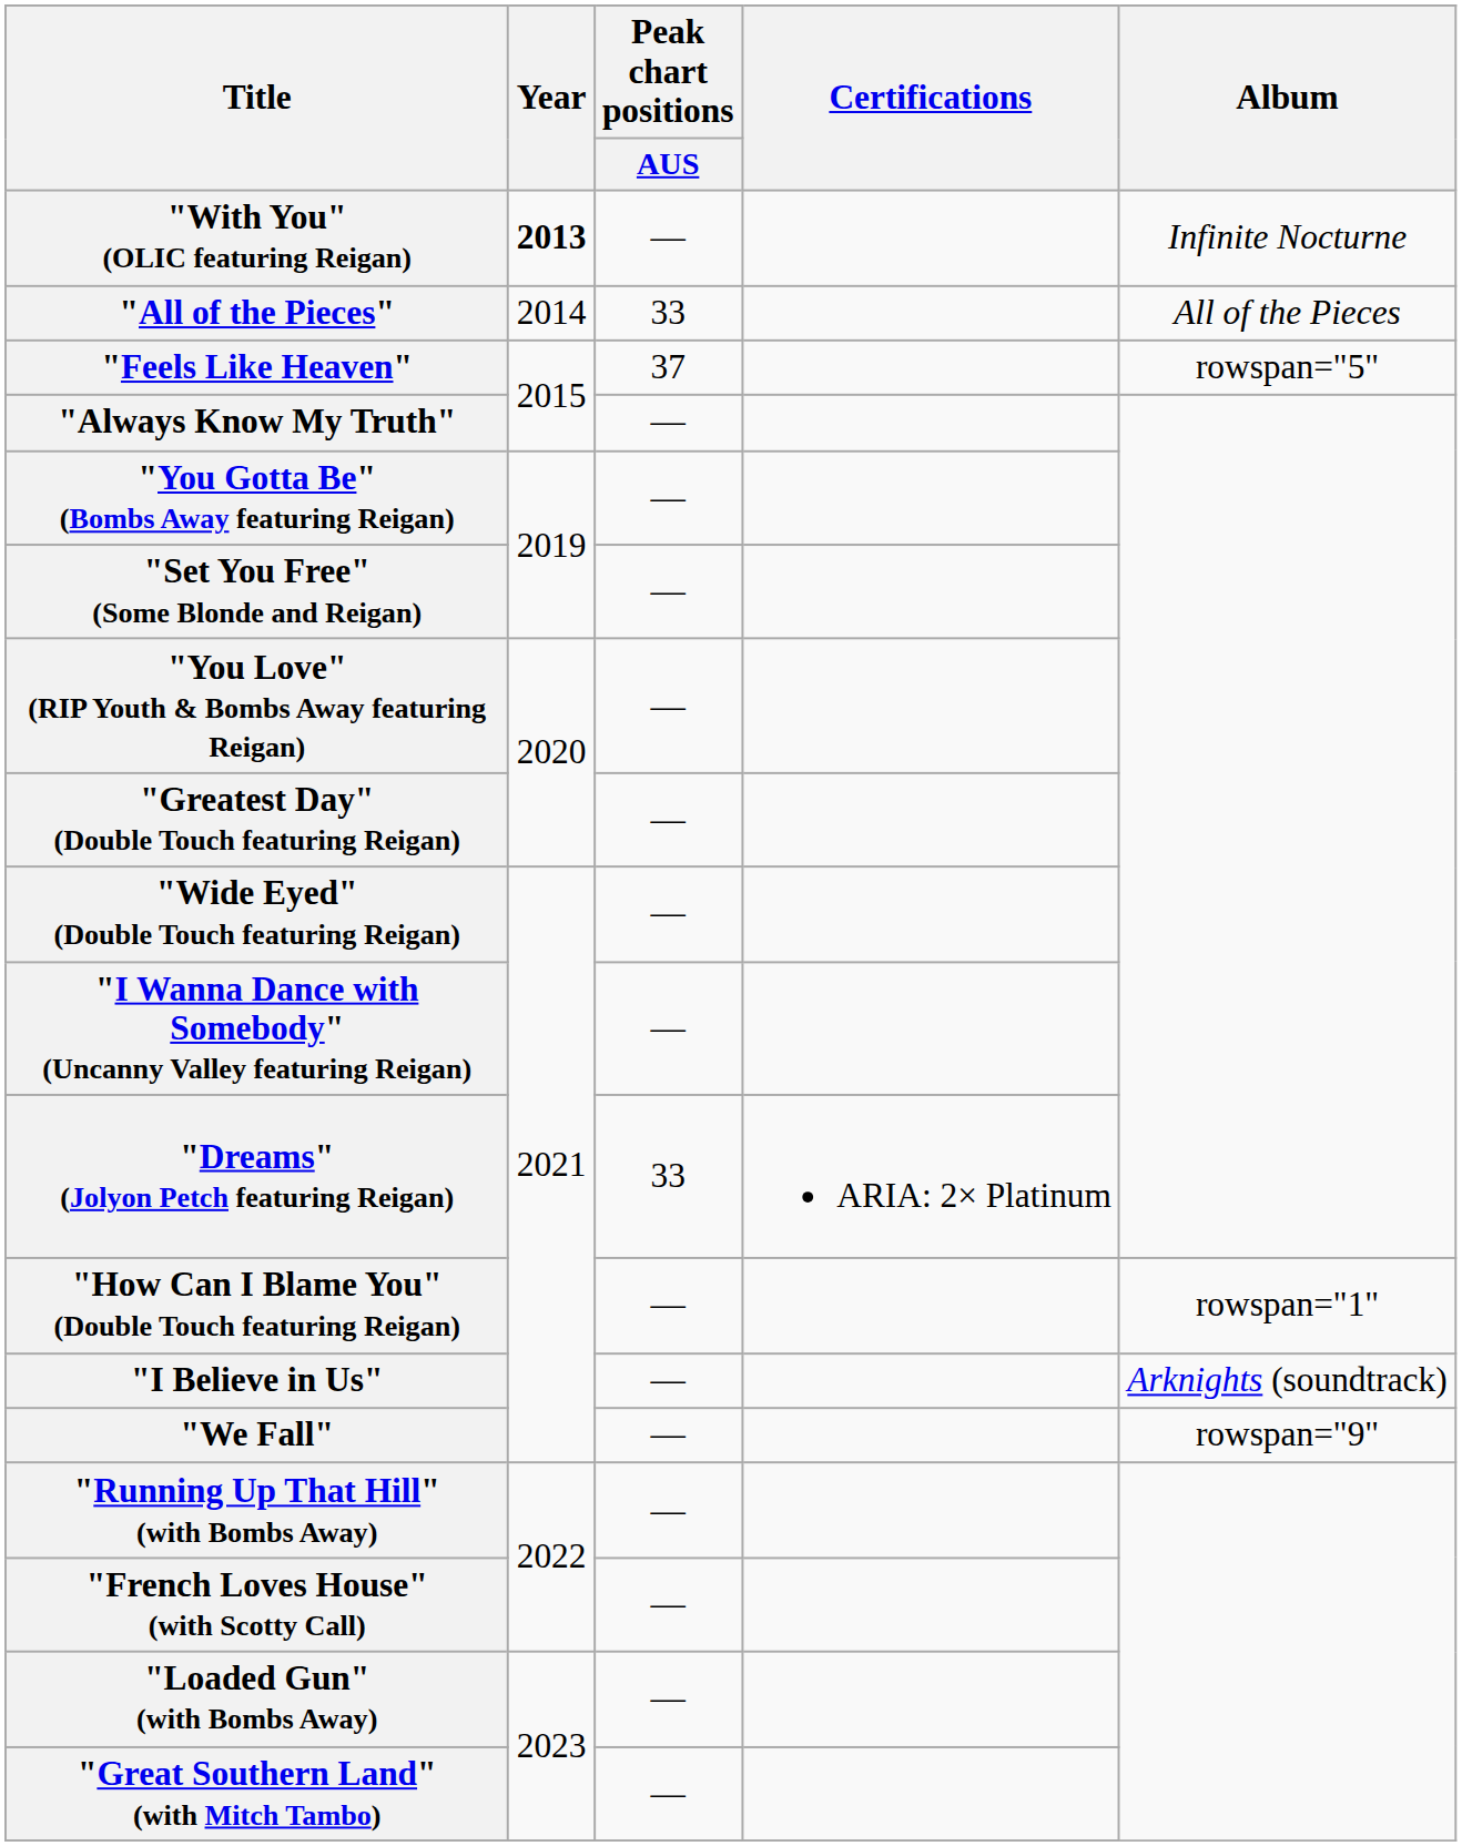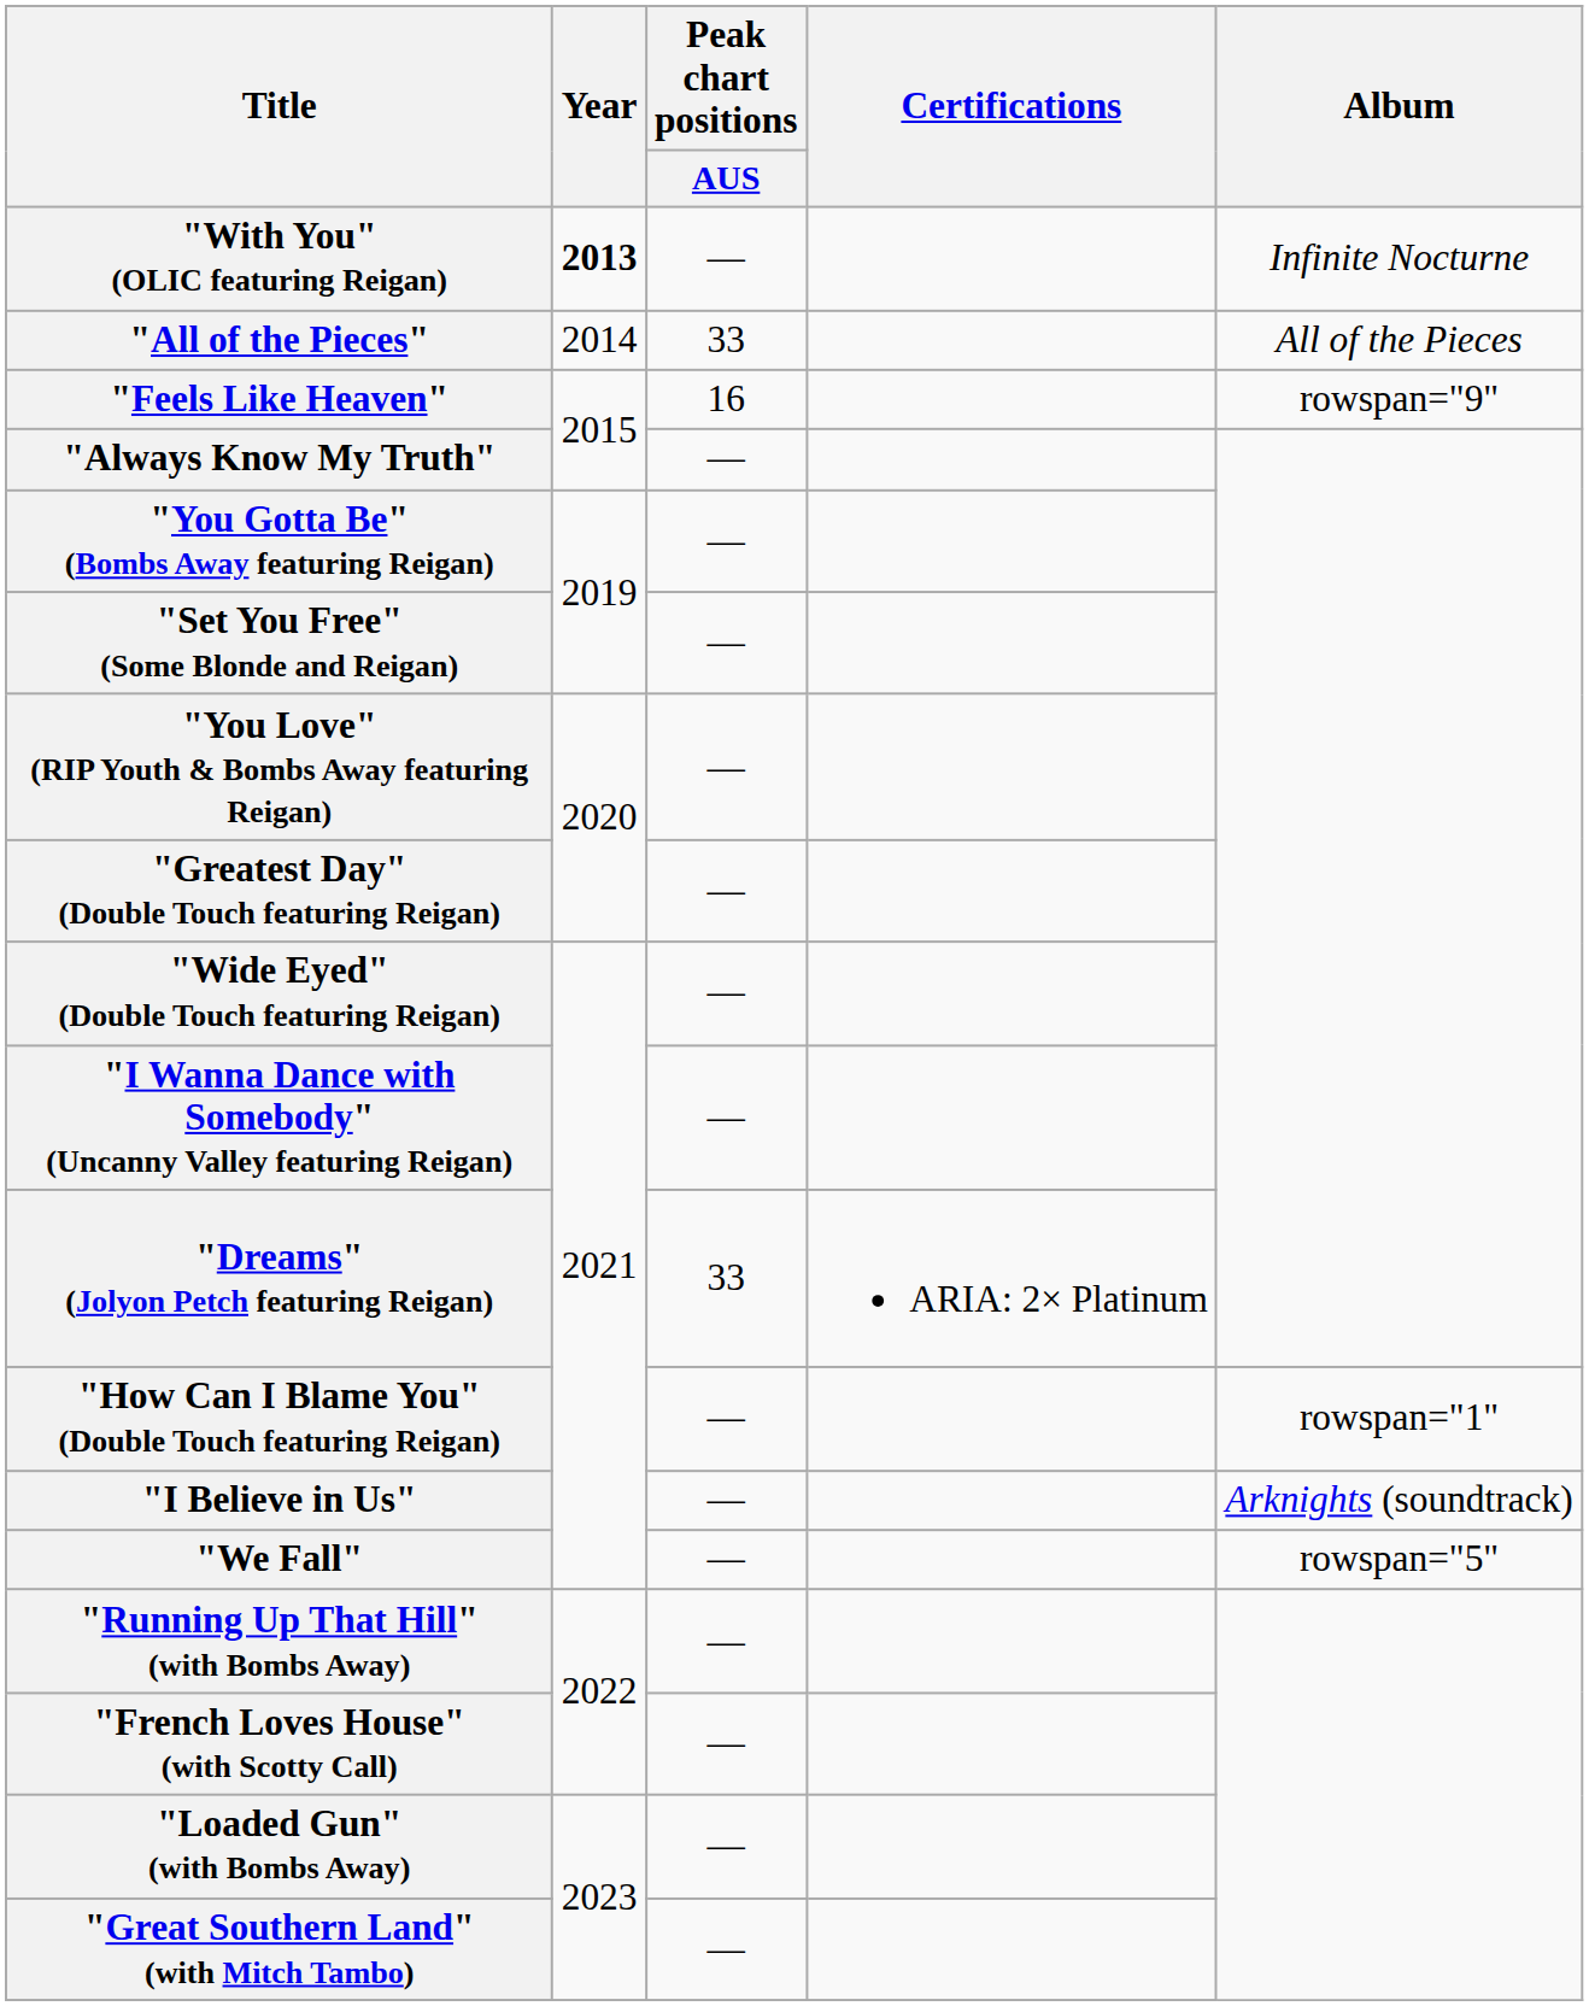 <table class="wikitable plainrowheaders" style="text-align:center;">
 <tr>
 <th scope="col" rowspan="2" style="width:14em;">Title</th>
 <th scope="col" rowspan="2">Year</th>
 <th scope="col">Peak chart positions</th>
 <th scope="col" rowspan="2"><a href='#'>Certifications</a></th>
 <th scope="col" rowspan="2">Album</th>
 </tr>
 <tr>
 <th scope="col" style="width:3em;font-size:90%;"><a href='#'>AUS</a><br></th>
 </tr>
 <tr>
 <th scope="row">"With You"<br> <small>(OLIC featuring Reigan)</small></th>
 <td><strong>2013</strong></td>
 <td>—</td>
 <td></td>
 <td><em>Infinite Nocturne</em></td>
 </tr>
 <tr>
 <th scope="row">"<a href='#'>All of the Pieces</a>"</th>
 <td>2014</td>
 <td>33</td>
 <td></td>
 <td><em>All of the Pieces</em></td>
 </tr>
 <tr>
 <th scope="row">"<a href='#'>Feels Like Heaven</a>"</th>
 <td rowspan="2">2015</td>
-<td>37</td>
+<td>16</td>
 <td></td>
-<td>rowspan="5" </td>
+<td>rowspan="9" </td>
 </tr>
 <tr>
 <th scope="row">"Always Know My Truth"</th>
 <td>—</td>
 <td></td>
 </tr>
 <tr>
 <th scope="row">"<a href='#'>You Gotta Be</a>"<br> <small>(<a href='#'>Bombs Away</a> featuring Reigan)</small></th>
 <td rowspan="2">2019</td>
 <td>—</td>
 <td></td>
 </tr>
 <tr>
 <th scope="row">"Set You Free"<br> <small>(Some Blonde and Reigan)</small></th>
 <td>—</td>
 <td></td>
 </tr>
 <tr>
 <th scope="row">"You Love"<br> <small>(RIP Youth & Bombs Away featuring Reigan)</small></th>
 <td rowspan="2">2020</td>
 <td>—</td>
 <td></td>
 </tr>
 <tr>
 <th scope="row">"Greatest Day"<br> <small>(Double Touch featuring Reigan)</small></th>
 <td>—</td>
 <td></td>
 </tr>
 <tr>
 <th scope="row">"Wide Eyed"<br> <small>(Double Touch featuring Reigan)</small></th>
 <td rowspan=6>2021</td>
 <td>—</td>
 <td></td>
 </tr>
 <tr>
 <th scope="row">"<a href='#'>I Wanna Dance with Somebody</a>"<br> <small>(Uncanny Valley featuring Reigan)</small></th>
 <td>—</td>
 <td></td>
 </tr>
 <tr>
 <th scope="row">"<a href='#'>Dreams</a>"<br> <small>(<a href='#'>Jolyon Petch</a> featuring Reigan)</small></th>
 <td>33</td>
 <td><br><ul><li>ARIA: 2× Platinum</li></ul></td>
 </tr>
 <tr>
 <th scope="row">"How Can I Blame You"<br> <small>(Double Touch featuring Reigan)</small></th>
 <td>—</td>
 <td></td>
 <td>rowspan="1" </td>
 </tr>
 <tr>
 <th scope="row">"I Believe in Us"</th>
 <td>—</td>
 <td></td>
 <td><em><a href='#'>Arknights</a></em> (soundtrack)</td>
 </tr>
 <tr>
 <th scope="row">"We Fall"</th>
 <td>—</td>
 <td></td>
-<td>rowspan="9" </td>
+<td>rowspan="5" </td>
 </tr>
 <tr>
 <th scope="row">"<a href='#'>Running Up That Hill</a>" <br> <small>(with Bombs Away)</small></th>
 <td rowspan=2>2022</td>
 <td>—</td>
 <td></td>
 </tr>
 <tr>
 <th scope="row">"French Loves House" <br> <small>(with Scotty Call)</small></th>
 <td>—</td>
 <td></td>
 </tr>
 <tr>
 <th scope="row">"Loaded Gun" <br> <small>(with Bombs Away)</small></th>
 <td rowspan=2>2023</td>
 <td>—</td>
 <td></td>
 </tr>
 <tr>
 <th scope="row">"<a href='#'>Great Southern Land</a>" <br> <small>(with <a href='#'>Mitch Tambo</a>)</small></th>
 <td>—</td>
 <td></td>
 </tr>
 <tr>
 </tr>
 </table>
